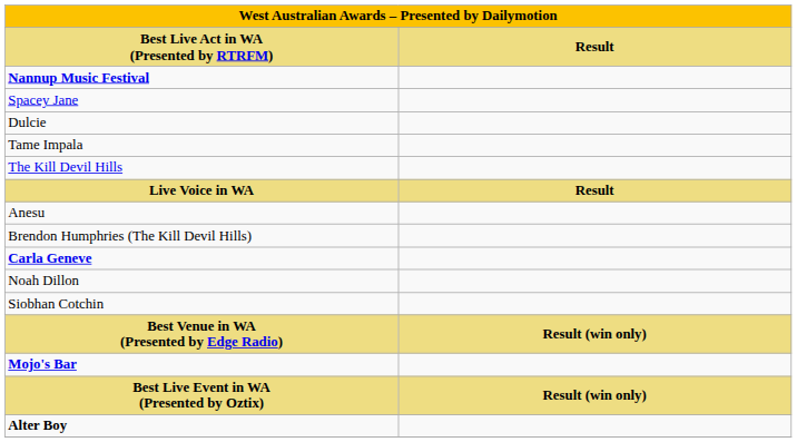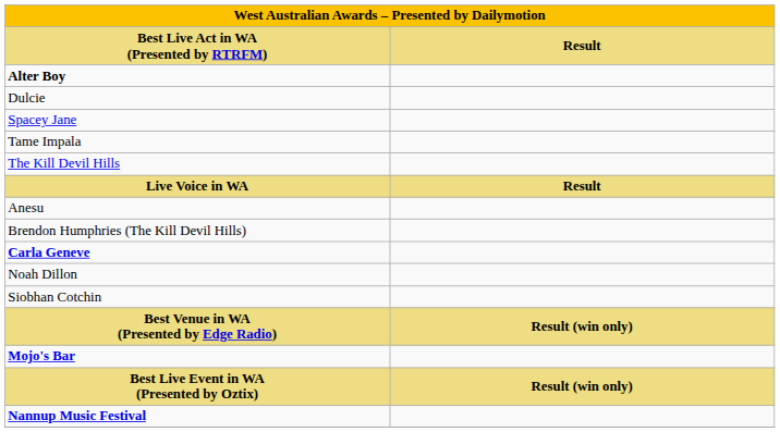 <table class="wikitable" width=100%>
 <tr>
 <th colspan="2" ! style="width:15%;background:#FCC200">West Australian Awards – Presented by Dailymotion</th>
 </tr>
 <tr>
 <th style="width:10%;background:#EEDD82;">Best Live Act in WA <br> (Presented by <a href='#'>RTRFM</a>)</th>
 <th style="width:10%;background:#EEDD82;">Result</th>
 </tr>
 <tr>
-<td><strong><a href='#'>Nannup Music Festival</a></strong></td>
+<td><strong>Alter Boy</strong></td>
+<td></td>
+</tr>
+<tr>
+<td>Dulcie</td>
 <td></td>
 </tr>
 <tr>
 <td><a href='#'>Spacey Jane</a></td>
-<td></td>
-</tr>
-<tr>
-<td>Dulcie</td>
 <td></td>
 </tr>
 <tr>
 <td>Tame Impala</td>
 <td></td>
 </tr>
 <tr>
 <td><a href='#'>The Kill Devil Hills</a></td>
 <td></td>
 </tr>
 <tr>
 <th style="width:10%;background:#EEDD82;">Live Voice in WA</th>
 <th style="width:10%;background:#EEDD82;">Result</th>
 </tr>
 <tr>
 <td>Anesu</td>
 <td></td>
 </tr>
 <tr>
 <td>Brendon Humphries (The Kill Devil Hills)</td>
 <td></td>
 </tr>
 <tr>
 <td><strong><a href='#'>Carla Geneve</a></strong></td>
 <td></td>
 </tr>
 <tr>
 <td>Noah Dillon</td>
 <td></td>
 </tr>
 <tr>
 <td>Siobhan Cotchin</td>
 <td></td>
 </tr>
 <tr>
 <th style="width:10%;background:#EEDD82;">Best Venue in WA <br> (Presented by <a href='#'>Edge Radio</a>)</th>
 <th style="width:10%;background:#EEDD82;">Result (win only)</th>
 </tr>
 <tr>
 <td><strong><a href='#'>Mojo's Bar</a></strong></td>
 <td></td>
 </tr>
 <tr>
 <th style="width:10%;background:#EEDD82;">Best Live Event in WA <br> (Presented by Oztix)</th>
 <th style="width:10%;background:#EEDD82;">Result (win only)</th>
 </tr>
 <tr>
-<td><strong>Alter Boy</strong></td>
+<td><strong><a href='#'>Nannup Music Festival</a></strong></td>
 <td></td>
 </tr>
 <tr>
 </tr>
 </table>
